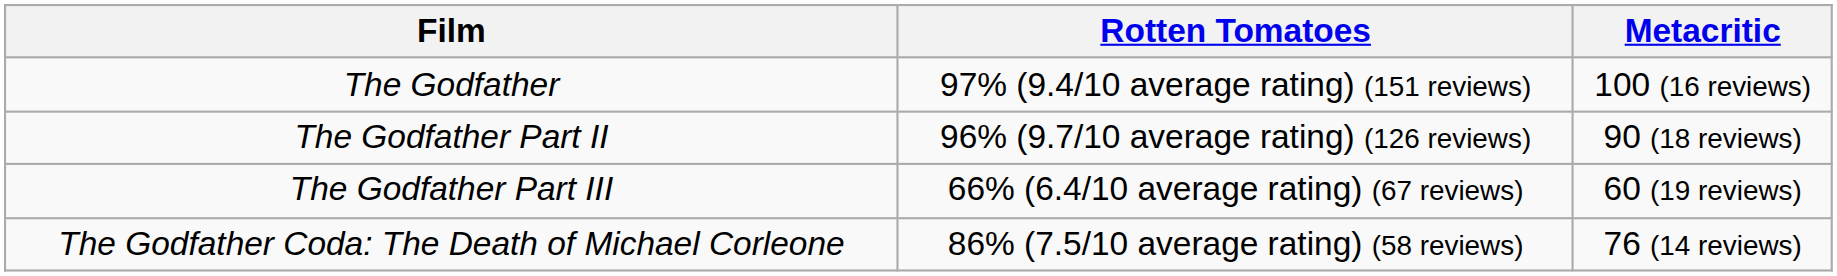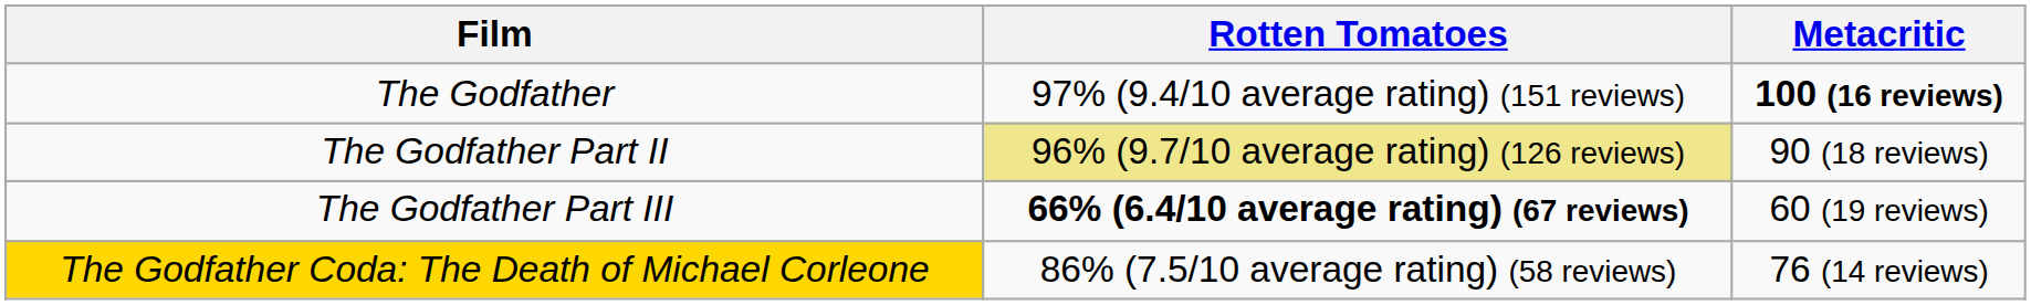 <table class="wikitable" style="width:99%; text-align:center;">
 <tr>
 <th>Film</th>
 <th><a href='#'>Rotten Tomatoes</a></th>
 <th><a href='#'>Metacritic</a></th>
 </tr>
 <tr>
 <td><em>The Godfather</em></td>
 <td>97% (9.4/10 average rating) <small>(151 reviews)</small></td>
-<td>100 <small>(16 reviews)</small></td>
+<td><strong>100 <small>(16 reviews)</small></strong></td>
 </tr>
 <tr>
 <td><em>The Godfather Part II</em></td>
-<td>96% (9.7/10 average rating) <small>(126 reviews)</small></td>
+<td style="background: khaki;">96% (9.7/10 average rating) <small>(126 reviews)</small></td>
 <td>90 <small>(18 reviews)</small></td>
 </tr>
 <tr>
 <td><em>The Godfather Part III</em></td>
-<td>66% (6.4/10 average rating) <small>(67 reviews)</small></td>
+<td><strong>66% (6.4/10 average rating) <small>(67 reviews)</small></strong></td>
 <td>60 <small>(19 reviews)</small></td>
 </tr>
 <tr>
-<td><em>The Godfather Coda: The Death of Michael Corleone</em><br></td>
+<td style="background: gold;"><em>The Godfather Coda: The Death of Michael Corleone</em><br></td>
 <td>86% (7.5/10 average rating) <small>(58 reviews)</small></td>
 <td>76 <small>(14 reviews)</small></td>
 </tr>
 </table>
